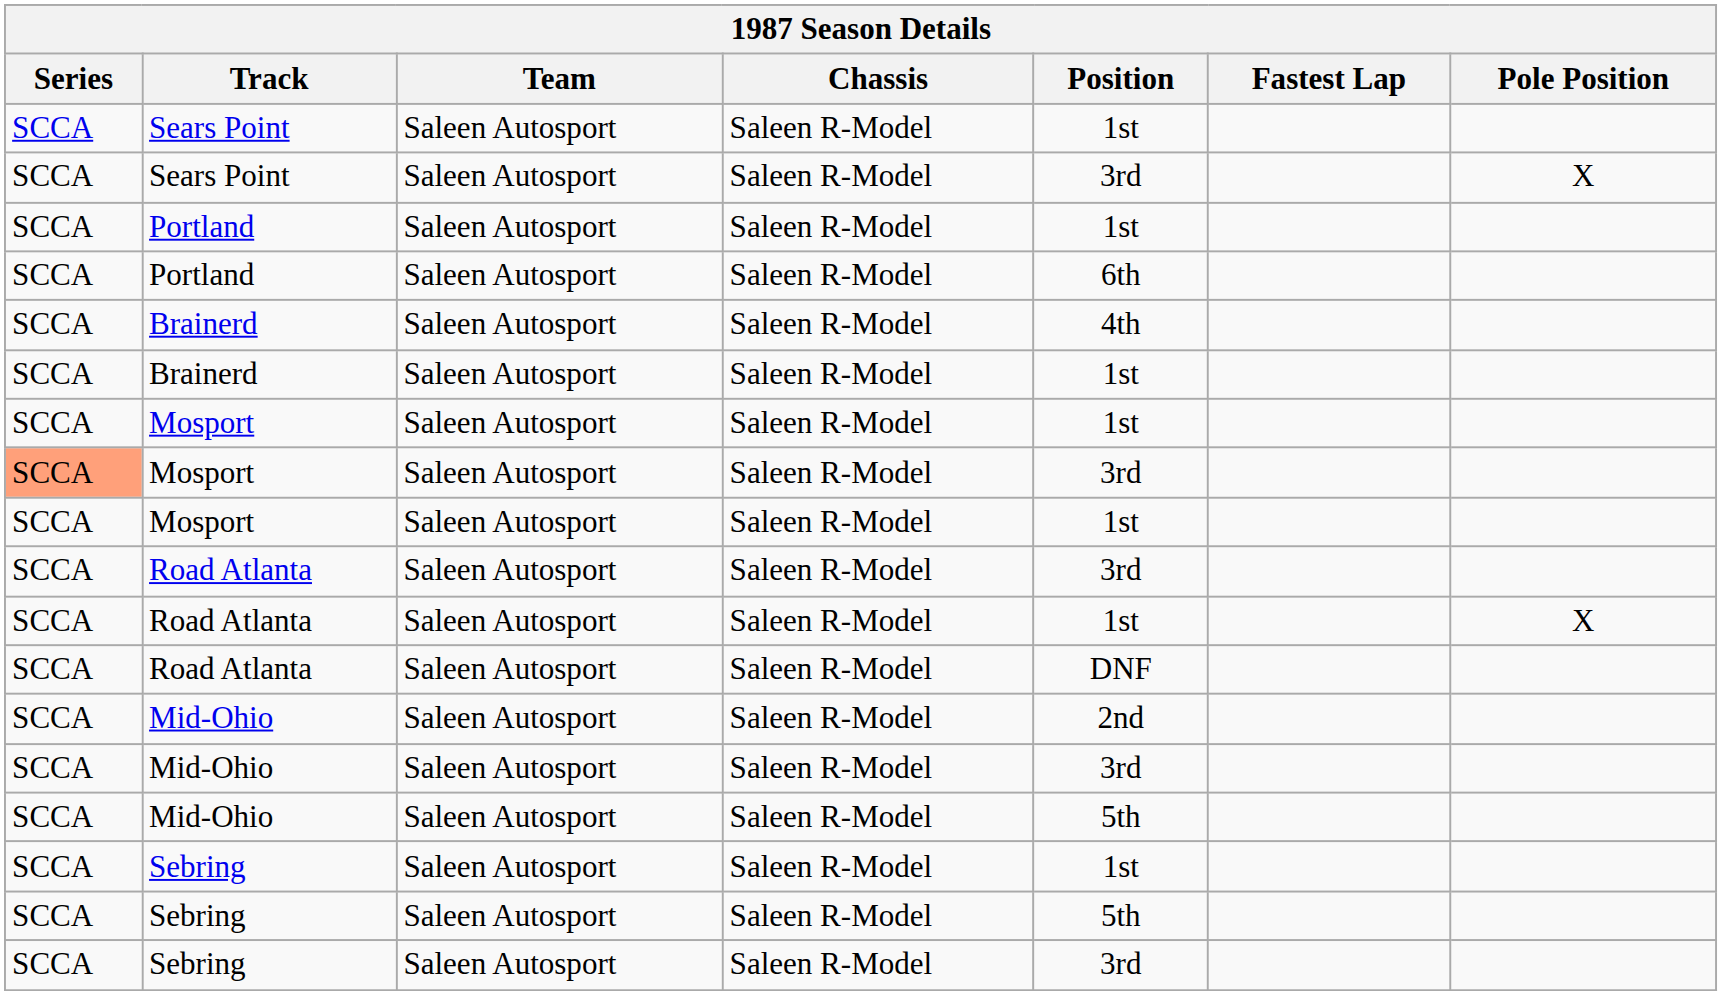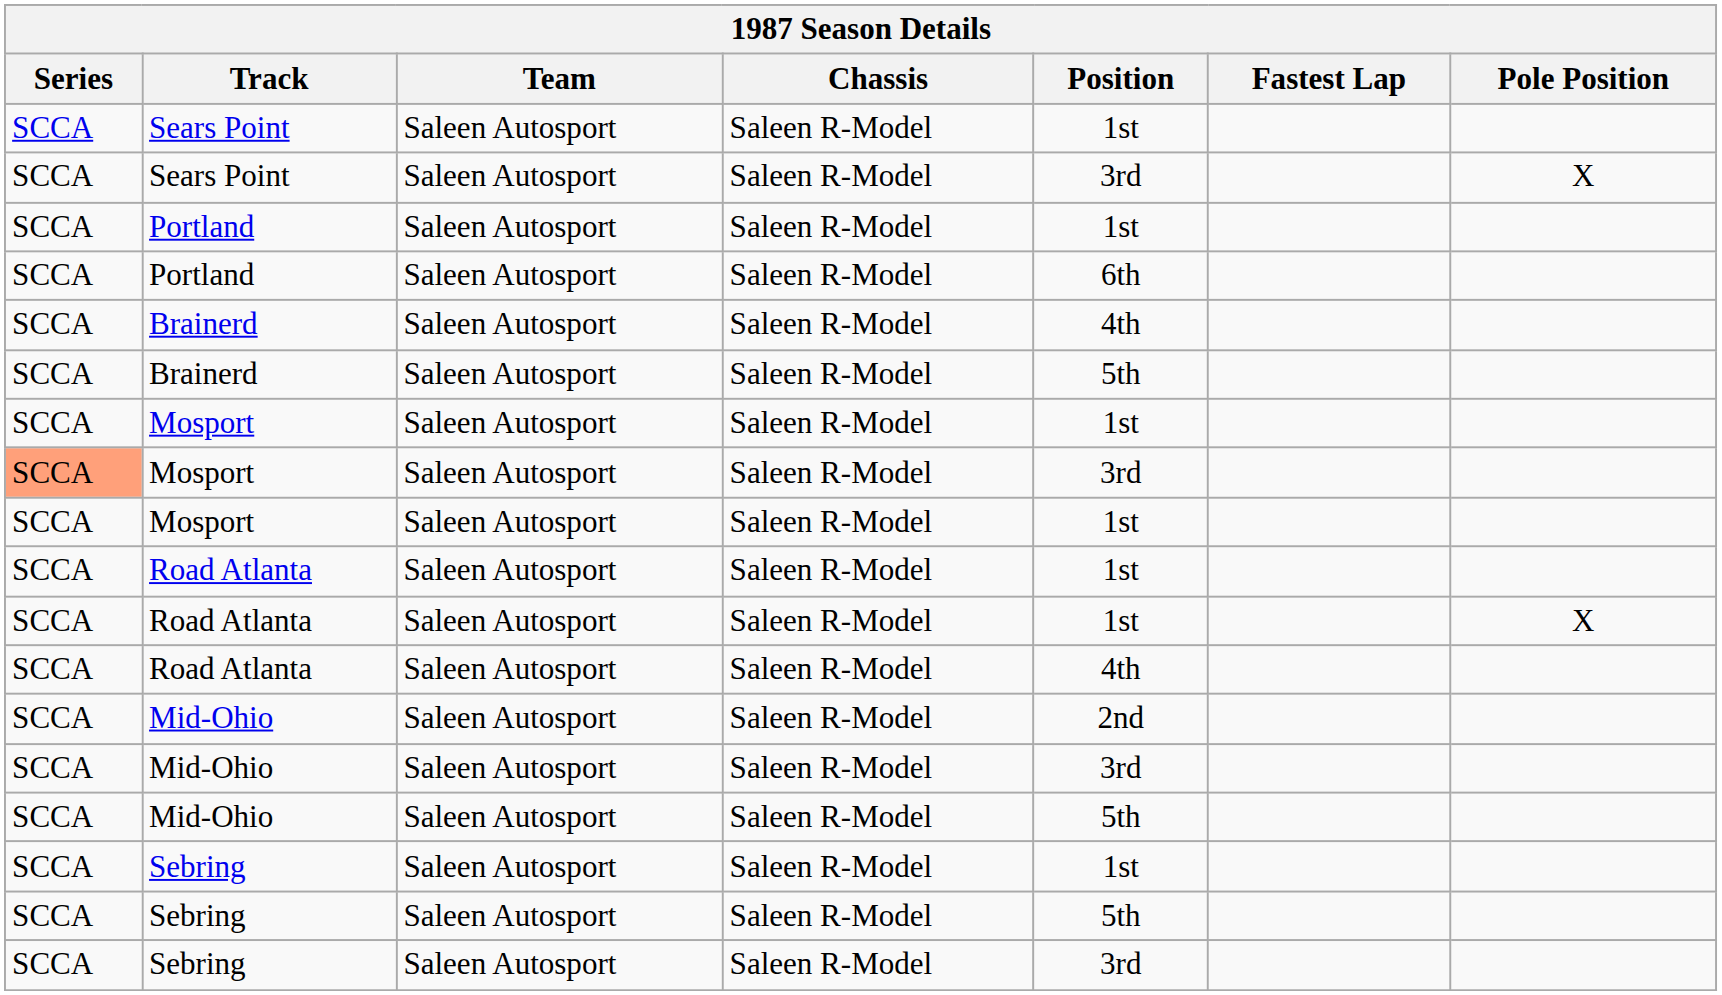 <table class="wikitable collapsible collapsed">
 <tr>
 <th colspan="7" width="875px">1987 Season Details</th>
 </tr>
 <tr>
 <th scope="col">Series</th>
 <th scope="col">Track</th>
 <th scope="col">Team</th>
 <th scope="col">Chassis</th>
 <th scope="col">Position</th>
 <th scope="col">Fastest Lap</th>
 <th scope="col">Pole Position</th>
 </tr>
 <tr>
 <td><a href='#'>SCCA</a></td>
 <td><a href='#'>Sears Point</a></td>
 <td>Saleen Autosport</td>
 <td>Saleen R-Model</td>
 <td style="text-align:center">1st</td>
 <td style="text-align:center"></td>
 <td style="text-align:center"></td>
 </tr>
 <tr>
 <td>SCCA</td>
 <td>Sears Point</td>
 <td>Saleen Autosport</td>
 <td>Saleen R-Model</td>
 <td style="text-align:center">3rd</td>
 <td style="text-align:center"></td>
 <td style="text-align:center">X</td>
 </tr>
 <tr>
 <td>SCCA</td>
 <td><a href='#'>Portland</a></td>
 <td>Saleen Autosport</td>
 <td>Saleen R-Model</td>
 <td style="text-align:center">1st</td>
 <td style="text-align:center"></td>
 <td style="text-align:center"></td>
 </tr>
 <tr>
 <td>SCCA</td>
 <td>Portland</td>
 <td>Saleen Autosport</td>
 <td>Saleen R-Model</td>
 <td style="text-align:center">6th</td>
 <td style="text-align:center"></td>
 <td style="text-align:center"></td>
 </tr>
 <tr>
 <td>SCCA</td>
 <td><a href='#'>Brainerd</a></td>
 <td>Saleen Autosport</td>
 <td>Saleen R-Model</td>
 <td style="text-align:center">4th</td>
 <td style="text-align:center"></td>
 <td style="text-align:center"></td>
 </tr>
 <tr>
 <td>SCCA</td>
 <td>Brainerd</td>
 <td>Saleen Autosport</td>
 <td>Saleen R-Model</td>
-<td style="text-align:center">1st</td>
+<td style="text-align:center">5th</td>
 <td style="text-align:center"></td>
 <td style="text-align:center"></td>
 </tr>
 <tr>
 <td>SCCA</td>
 <td><a href='#'>Mosport</a></td>
 <td>Saleen Autosport</td>
 <td>Saleen R-Model</td>
 <td style="text-align:center">1st</td>
 <td style="text-align:center"></td>
 <td style="text-align:center"></td>
 </tr>
 <tr>
 <td style="background: lightsalmon;">SCCA</td>
 <td>Mosport</td>
 <td>Saleen Autosport</td>
 <td>Saleen R-Model</td>
 <td style="text-align:center">3rd</td>
 <td style="text-align:center"></td>
 <td style="text-align:center"></td>
 </tr>
 <tr>
 <td>SCCA</td>
 <td>Mosport</td>
 <td>Saleen Autosport</td>
 <td>Saleen R-Model</td>
 <td style="text-align:center">1st</td>
 <td style="text-align:center"></td>
 <td style="text-align:center"></td>
 </tr>
 <tr>
 <td>SCCA</td>
 <td><a href='#'>Road Atlanta</a></td>
 <td>Saleen Autosport</td>
 <td>Saleen R-Model</td>
-<td style="text-align:center">3rd</td>
+<td style="text-align:center">1st</td>
 <td style="text-align:center"></td>
 <td style="text-align:center"></td>
 </tr>
 <tr>
 <td>SCCA</td>
 <td>Road Atlanta</td>
 <td>Saleen Autosport</td>
 <td>Saleen R-Model</td>
 <td style="text-align:center">1st</td>
 <td style="text-align:center"></td>
 <td style="text-align:center">X</td>
 </tr>
 <tr>
 <td>SCCA</td>
 <td>Road Atlanta</td>
 <td>Saleen Autosport</td>
 <td>Saleen R-Model</td>
-<td style="text-align:center">DNF</td>
+<td style="text-align:center">4th</td>
 <td style="text-align:center"></td>
 <td style="text-align:center"></td>
 </tr>
 <tr>
 <td>SCCA</td>
 <td><a href='#'>Mid-Ohio</a></td>
 <td>Saleen Autosport</td>
 <td>Saleen R-Model</td>
 <td style="text-align:center">2nd</td>
 <td style="text-align:center"></td>
 <td style="text-align:center"></td>
 </tr>
 <tr>
 <td>SCCA</td>
 <td>Mid-Ohio</td>
 <td>Saleen Autosport</td>
 <td>Saleen R-Model</td>
 <td style="text-align:center">3rd</td>
 <td style="text-align:center"></td>
 <td style="text-align:center"></td>
 </tr>
 <tr>
 <td>SCCA</td>
 <td>Mid-Ohio</td>
 <td>Saleen Autosport</td>
 <td>Saleen R-Model</td>
 <td style="text-align:center">5th</td>
 <td style="text-align:center"></td>
 <td style="text-align:center"></td>
 </tr>
 <tr>
 <td>SCCA</td>
 <td><a href='#'>Sebring</a></td>
 <td>Saleen Autosport</td>
 <td>Saleen R-Model</td>
 <td style="text-align:center">1st</td>
 <td style="text-align:center"></td>
 <td style="text-align:center"></td>
 </tr>
 <tr>
 <td>SCCA</td>
 <td>Sebring</td>
 <td>Saleen Autosport</td>
 <td>Saleen R-Model</td>
 <td style="text-align:center">5th</td>
 <td style="text-align:center"></td>
 <td style="text-align:center"></td>
 </tr>
 <tr>
 <td>SCCA</td>
 <td>Sebring</td>
 <td>Saleen Autosport</td>
 <td>Saleen R-Model</td>
 <td style="text-align:center">3rd</td>
 <td style="text-align:center"></td>
 <td style="text-align:center"></td>
 </tr>
 <tr>
 </tr>
 </table>
